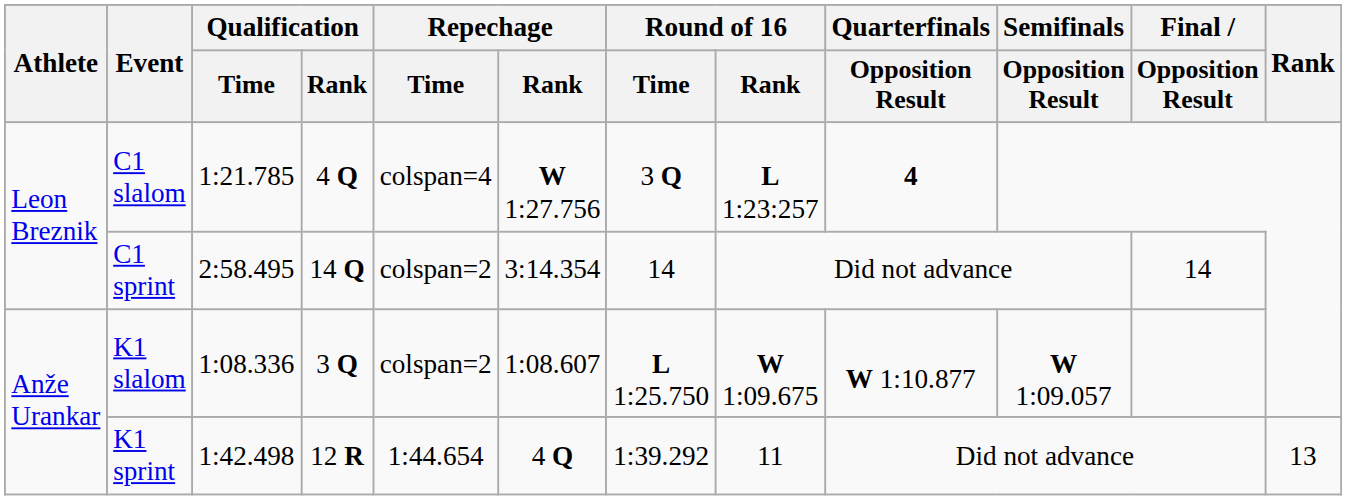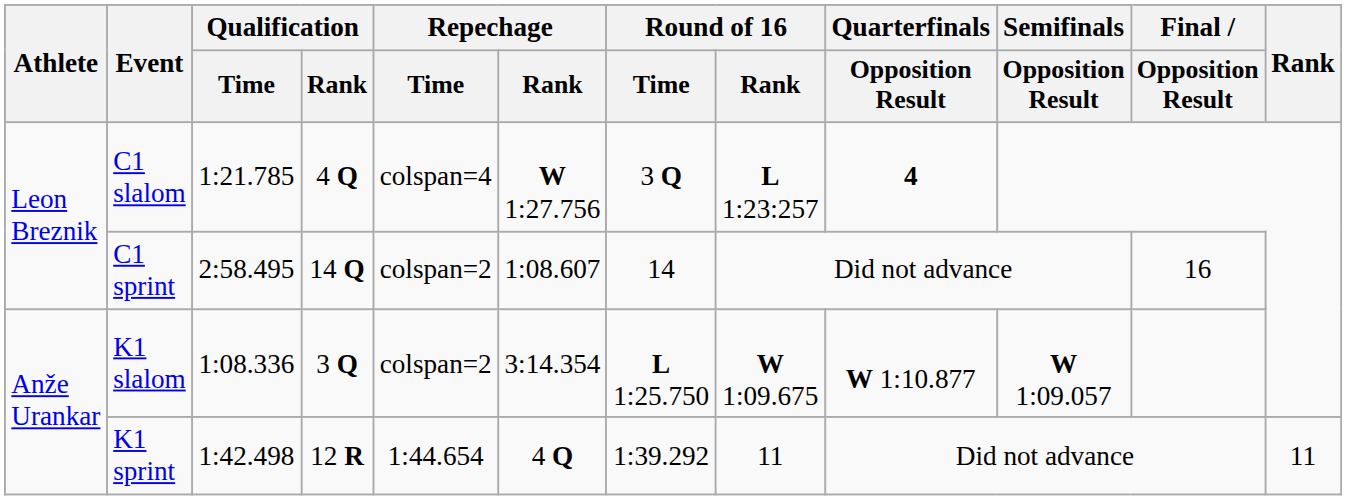 <table class="wikitable" style="font-size:90%;">
 <tr>
 <th rowspan=2>Athlete</th>
 <th rowspan=2>Event</th>
 <th colspan=2>Qualification</th>
 <th colspan=2>Repechage</th>
 <th colspan=2>Round of 16</th>
 <th>Quarterfinals</th>
 <th>Semifinals</th>
 <th>Final / </th>
 <th rowspan=2>Rank</th>
 </tr>
 <tr style="font-size:95%">
 <th>Time</th>
 <th>Rank</th>
 <th>Time</th>
 <th>Rank</th>
 <th>Time</th>
 <th>Rank</th>
 <th>Opposition <br>Result</th>
 <th>Opposition <br>Result</th>
 <th>Opposition <br>Result</th>
 </tr>
 <tr align=center>
 <td rowspan=2 align=left><a href='#'>Leon Breznik</a></td>
 <td align=left><a href='#'>C1 slalom</a></td>
 <td>1:21.785</td>
 <td>4 <strong>Q</strong></td>
 <td>colspan=4 </td>
 <td><br><strong>W</strong> 1:27.756</td>
 <td>3 <strong>Q</strong></td>
 <td><br><strong>L</strong> 1:23:257</td>
 <td><strong>4</strong></td>
 </tr>
 <tr align=center>
 <td align=left><a href='#'>C1 sprint</a></td>
 <td>2:58.495</td>
 <td>14 <strong>Q</strong></td>
 <td>colspan=2 </td>
-<td>3:14.354</td>
+<td>1:08.607</td>
 <td>14</td>
 <td colspan=3>Did not advance</td>
-<td>14</td>
+<td>16</td>
 </tr>
 <tr align=center>
 <td rowspan=2 align=left><a href='#'>Anže Urankar</a></td>
 <td align=left><a href='#'>K1 slalom</a></td>
 <td>1:08.336</td>
 <td>3 <strong>Q</strong></td>
 <td>colspan=2 </td>
-<td>1:08.607</td>
+<td>3:14.354</td>
 <td><br><strong>L</strong> 1:25.750</td>
 <td><br><strong>W</strong> 1:09.675</td>
 <td><br><strong>W</strong> 1:10.877</td>
 <td><br><strong>W</strong> 1:09.057</td>
 <td></td>
 </tr>
 <tr align=center>
 <td align=left><a href='#'>K1 sprint</a></td>
 <td>1:42.498</td>
 <td>12 <strong>R</strong></td>
 <td>1:44.654</td>
 <td>4 <strong>Q</strong></td>
 <td>1:39.292</td>
 <td>11</td>
 <td colspan=3>Did not advance</td>
-<td>13</td>
+<td>11</td>
 </tr>
 </table>
